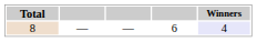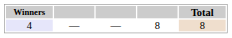 <table style="border: 1px solid #999; background-color:#FFFFFF; line-height:16px; text-align:center">
 <tr>
-<th style="background-color: #ccc;" width="70">Total</th>
+<th style="background-color: #ccc;" width="70"><small>Winners</small></th>
 <th style="background-color: #ccc;" width="60"><small></small></th>
 <th style="background-color: #ccc;" width="60"><small></small></th>
 <th style="background-color: #ccc;" width="60"><small></small></th>
-<th style="background-color: #ccc;" width="70"><small>Winners</small></th>
+<th style="background-color: #ccc;" width="70">Total</th>
 </tr>
 <tr>
-<td bgcolor=#EFDECD>8</td>
+<td bgcolor="#E6E6FA">4</td>
 <td>—</td>
 <td>—</td>
-<td>6</td>
-<td bgcolor="#E6E6FA">4</td>
+<td>8</td>
+<td bgcolor=#EFDECD>8</td>
 </tr>
 </table>
